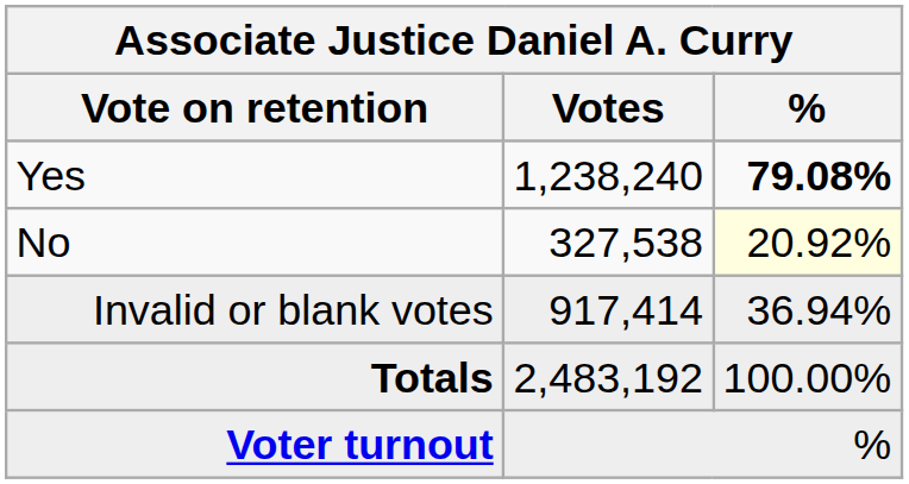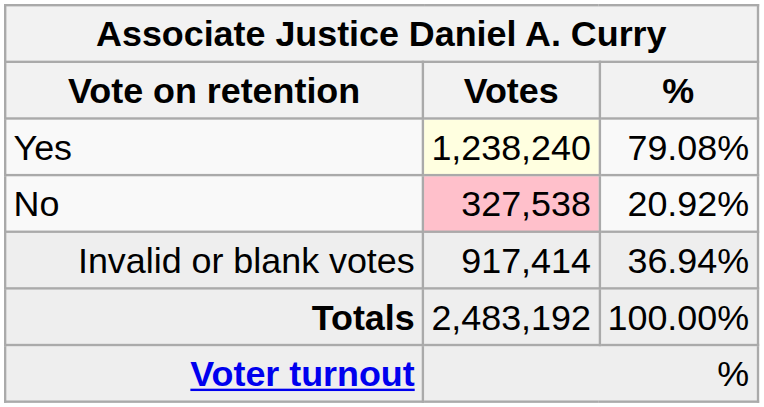 <table class="wikitable" style="font-size: 95%;">
 <tr style="background-color:#E9E9E9">
 <th colspan=7>Associate Justice Daniel A. Curry</th>
 </tr>
 <tr style="background-color:#E9E9E9">
 <th style="width: 170px">Vote on retention</th>
 <th style="width: 50px">Votes</th>
 <th style="width: 40px">%</th>
 </tr>
 <tr>
 <td>Yes</td>
-<td align="right">1,238,240</td>
-<td align="right"><strong>79.08%</strong></td>
+<td align="right" style="background: lightyellow;">1,238,240</td>
+<td align="right">79.08%</td>
 </tr>
 <tr>
 <td>No</td>
-<td align="right">327,538</td>
-<td align="right" style="background: lightyellow;">20.92%</td>
+<td align="right" style="background: pink;">327,538</td>
+<td align="right">20.92%</td>
 </tr>
 <tr style="background-color:#EEEEEE">
 <td align="right">Invalid or blank votes</td>
 <td align="right">917,414</td>
 <td align="right">36.94%</td>
 </tr>
 <tr style="background-color:#EEEEEE">
 <td colspan="1" align="right"><strong>Totals</strong></td>
 <td align="right">2,483,192</td>
 <td align="right">100.00%</td>
 </tr>
 <tr style="background-color:#EEEEEE">
 <td align="right"><strong><a href='#'>Voter turnout</a></strong></td>
 <td colspan="2" align="right">%</td>
 </tr>
 </table>
